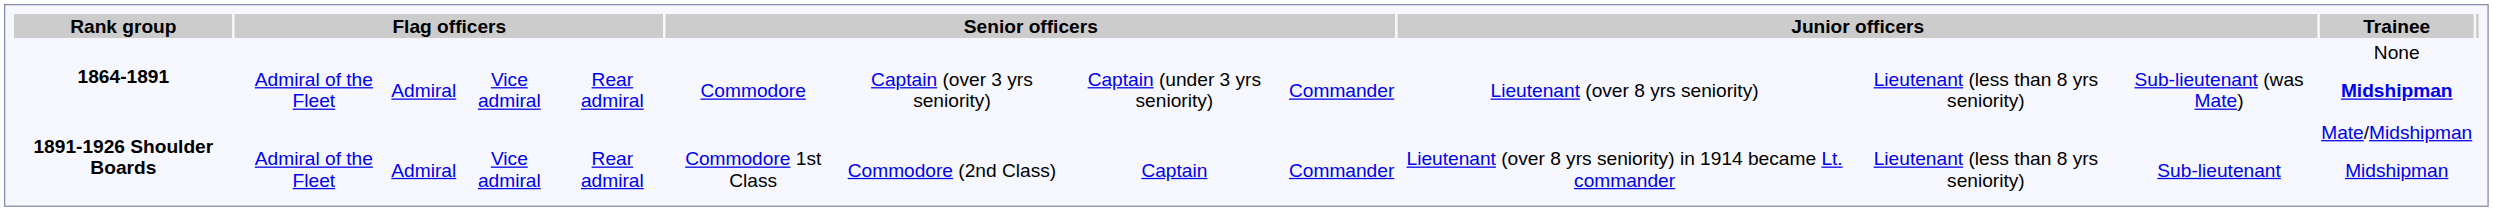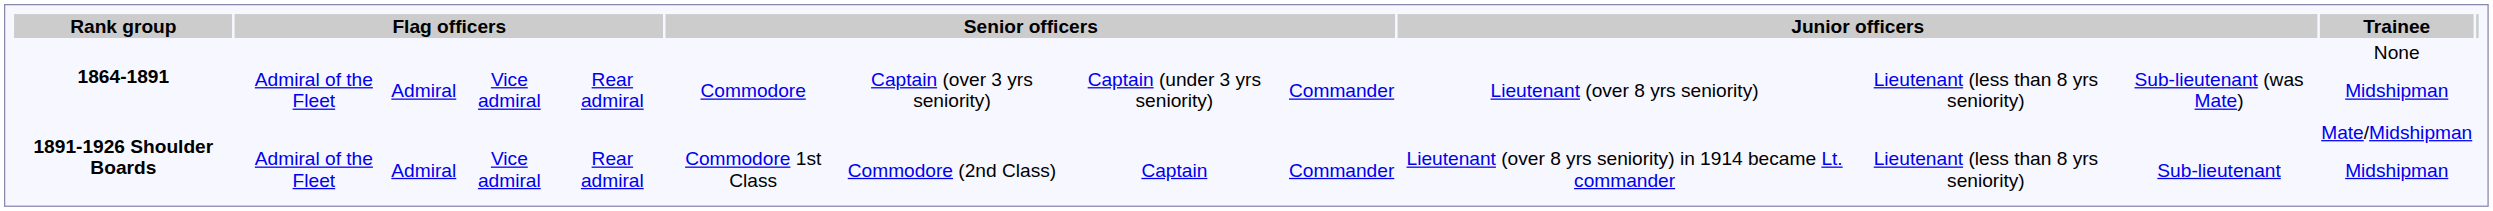 <table style="border:1px solid #8888aa; background-color:#f7f8ff; padding:5px; font-size:95%; margin: 0px 12px 12px 0px; text-align:center;">
 <tr style="background-color:#CCCCCC;">
 <th>Rank group</th>
 <th colspan=5>Flag officers</th>
 <th colspan=4>Senior officers</th>
 <th colspan=3>Junior officers</th>
 <th colspan=1>Trainee</th>
 <th></th>
 </tr>
 <tr>
 <td rowspan=2><strong>1864-1891</strong><br></td>
 <td></td>
 <td></td>
 <td></td>
 <td></td>
 <td></td>
 <td></td>
 <td></td>
 <td></td>
 <td></td>
 <td></td>
 <td></td>
 <td></td>
 <td>None</td>
 <td></td>
 </tr>
 <tr>
 <td></td>
 <td><a href='#'>Admiral of the Fleet</a></td>
 <td><a href='#'>Admiral</a></td>
 <td><a href='#'>Vice admiral</a></td>
 <td><a href='#'>Rear admiral</a></td>
 <td><a href='#'>Commodore</a></td>
 <td><a href='#'>Captain</a> (over 3 yrs seniority)</td>
 <td><a href='#'>Captain</a> (under 3 yrs seniority)</td>
 <td><a href='#'>Commander</a></td>
 <td><a href='#'>Lieutenant</a> (over 8 yrs seniority)</td>
 <td><a href='#'>Lieutenant</a> (less than 8 yrs seniority)</td>
 <td><a href='#'>Sub-lieutenant</a> (was <a href='#'>Mate</a>)</td>
-<td><strong><a href='#'>Midshipman</a></strong></td>
+<td><a href='#'>Midshipman</a></td>
 </tr>
 <tr>
 <td></td>
 </tr>
 <tr>
 <td rowspan=2><strong>1891-1926 Shoulder Boards</strong></td>
 <td></td>
 <td></td>
 <td></td>
 <td></td>
 <td></td>
 <td></td>
 <td></td>
 <td></td>
 <td></td>
 <td></td>
 <td></td>
 <td></td>
 <td><a href='#'>Mate</a>/<a href='#'>Midshipman</a></td>
 <td></td>
 </tr>
 <tr>
 <td></td>
 <td><a href='#'>Admiral of the Fleet</a></td>
 <td><a href='#'>Admiral</a></td>
 <td><a href='#'>Vice admiral</a></td>
 <td><a href='#'>Rear admiral</a></td>
 <td><a href='#'>Commodore</a> 1st Class</td>
 <td><a href='#'>Commodore</a> (2nd Class)</td>
 <td><a href='#'>Captain</a></td>
 <td><a href='#'>Commander</a></td>
 <td><a href='#'>Lieutenant</a> (over 8 yrs seniority) in 1914 became <a href='#'>Lt. commander</a></td>
 <td><a href='#'>Lieutenant</a> (less than 8 yrs seniority)</td>
 <td><a href='#'>Sub-lieutenant</a></td>
 <td><a href='#'>Midshipman</a></td>
 </tr>
 <tr>
 <td></td>
 </tr>
 </table>
